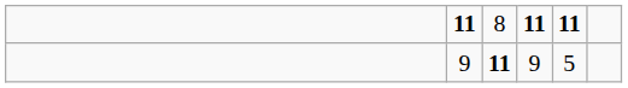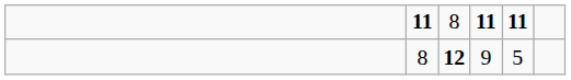 <table class="wikitable">
 <tr>
 <td style="width:18em"><strong></strong></td>
 <td align=center style="width:1em"><strong>11</strong></td>
 <td align=center style="width:1em">8</td>
 <td align=center style="width:1em"><strong>11</strong></td>
 <td align=center style="width:1em"><strong>11</strong></td>
 <td align=center style="width:1em"></td>
 </tr>
 <tr>
 <td style="width:18em"></td>
-<td align=center style="width:1em">9</td>
-<td align=center style="width:1em"><strong>11</strong></td>
+<td align=center style="width:1em">8</td>
+<td align=center style="width:1em"><strong>12</strong></td>
 <td align=center style="width:1em">9</td>
 <td align=center style="width:1em">5</td>
 <td align=center style="width:1em"></td>
 </tr>
 </table>
